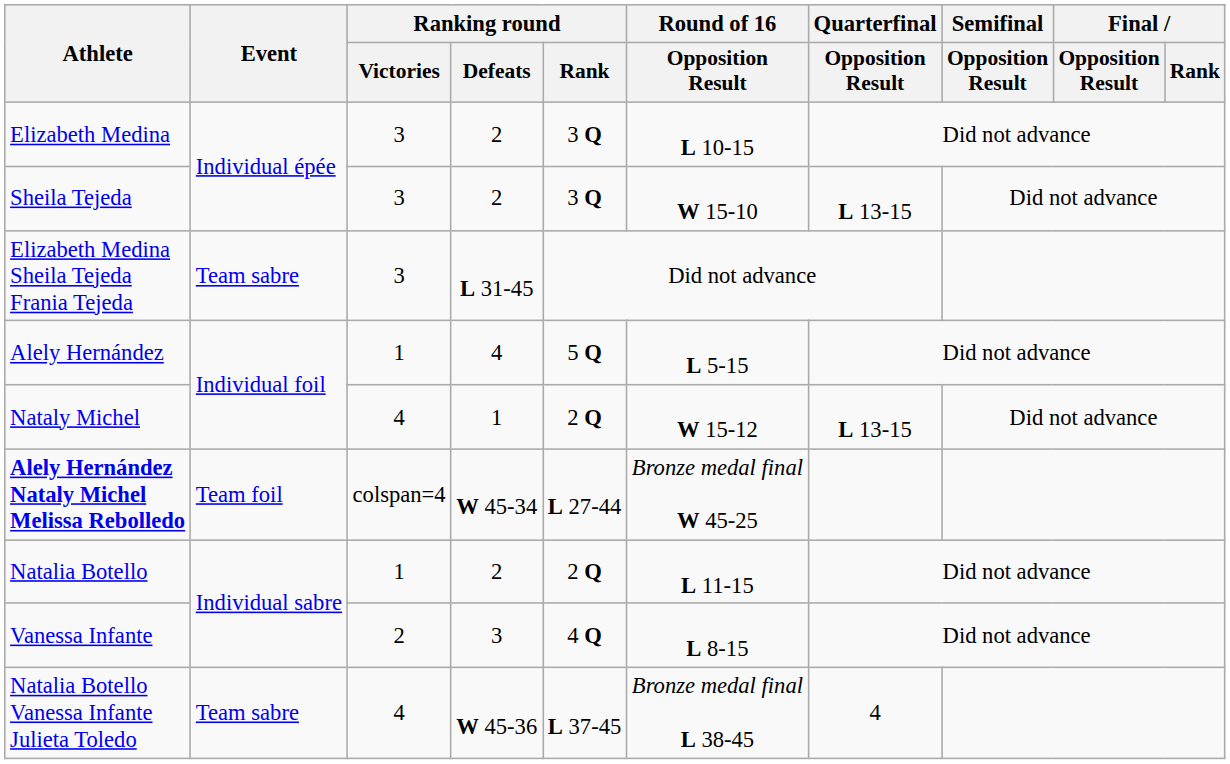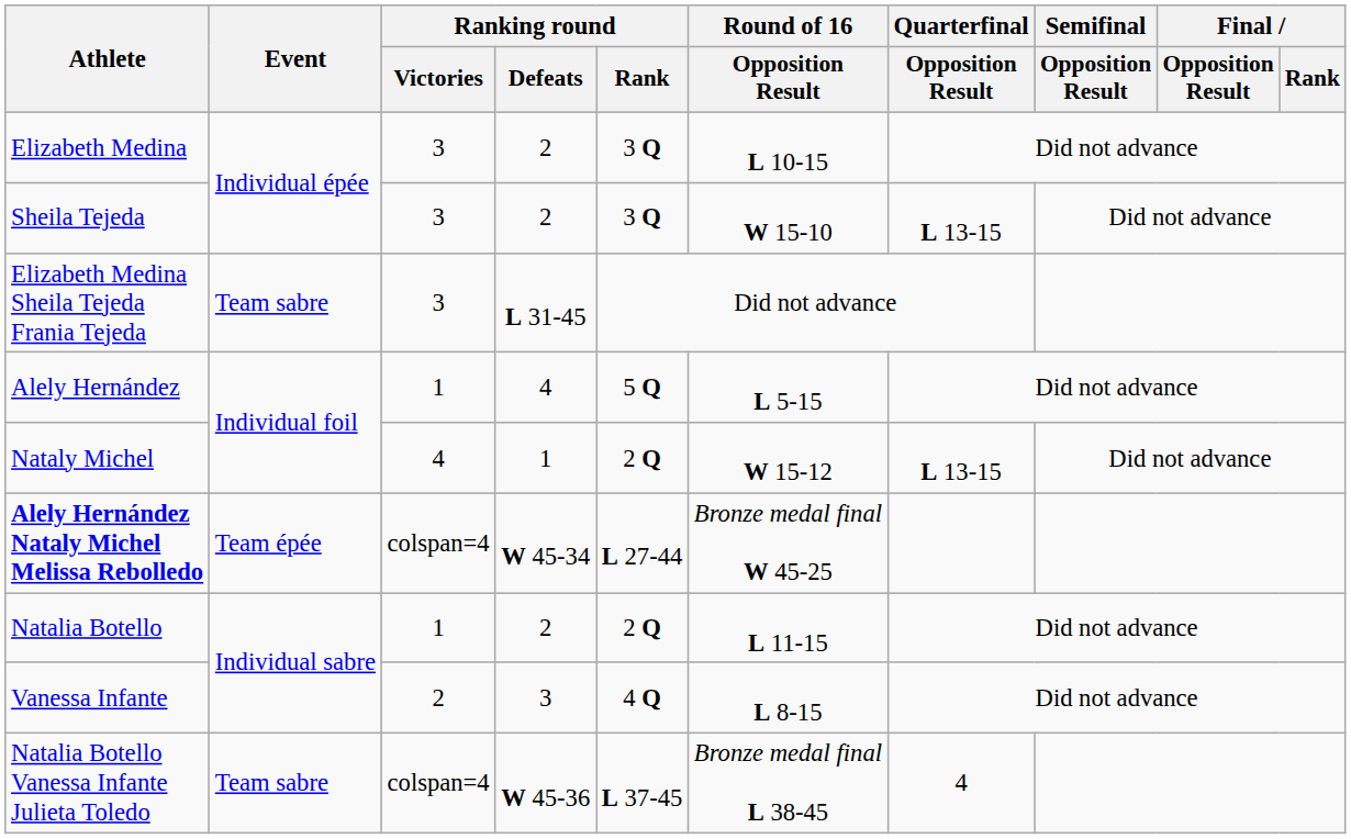 <table class=wikitable style=font-size:90%;text-align:center>
 <tr>
 <th rowspan=2>Athlete</th>
 <th rowspan=2>Event</th>
 <th colspan=3>Ranking round</th>
 <th>Round of 16</th>
 <th>Quarterfinal</th>
 <th>Semifinal</th>
 <th colspan=2>Final / </th>
 </tr>
 <tr style=font-size:95%>
 <th>Victories</th>
 <th>Defeats</th>
 <th>Rank</th>
 <th>Opposition<br>Result</th>
 <th>Opposition<br>Result</th>
 <th>Opposition<br>Result</th>
 <th>Opposition<br>Result</th>
 <th>Rank</th>
 </tr>
 <tr>
 <td align=left><a href='#'>Elizabeth Medina</a></td>
 <td align=left rowspan=2><a href='#'>Individual épée</a></td>
 <td>3</td>
 <td>2</td>
 <td>3 <strong>Q</strong></td>
 <td><br><strong>L</strong> 10-15</td>
 <td colspan=4>Did not advance</td>
 </tr>
 <tr>
 <td align=left><a href='#'>Sheila Tejeda</a></td>
 <td>3</td>
 <td>2</td>
 <td>3 <strong>Q</strong></td>
 <td><br><strong>W</strong> 15-10</td>
 <td><br><strong>L</strong> 13-15</td>
 <td colspan=3>Did not advance</td>
 </tr>
 <tr>
 <td align=left><a href='#'>Elizabeth Medina</a><br><a href='#'>Sheila Tejeda</a><br><a href='#'>Frania Tejeda</a></td>
 <td align=left><a href='#'>Team sabre</a></td>
 <td>3</td>
 <td><br><strong>L</strong> 31-45</td>
 <td colspan=3>Did not advance</td>
 </tr>
 <tr>
 <td align=left><a href='#'>Alely Hernández</a></td>
 <td align=left rowspan=2><a href='#'>Individual foil</a></td>
 <td>1</td>
 <td>4</td>
 <td>5 <strong>Q</strong></td>
 <td><br><strong>L</strong> 5-15</td>
 <td colspan=4>Did not advance</td>
 </tr>
 <tr>
 <td align=left><a href='#'>Nataly Michel</a></td>
 <td>4</td>
 <td>1</td>
 <td>2 <strong>Q</strong></td>
 <td><br><strong>W</strong> 15-12</td>
 <td><br><strong>L</strong> 13-15</td>
 <td colspan=3>Did not advance</td>
 </tr>
 <tr>
 <td align=left><strong><a href='#'>Alely Hernández</a><br><a href='#'>Nataly Michel</a><br><a href='#'>Melissa Rebolledo</a></strong></td>
-<td align=left><a href='#'>Team foil</a></td>
+<td align=left><a href='#'>Team épée</a></td>
 <td>colspan=4 </td>
 <td><br><strong>W</strong> 45-34</td>
 <td><br><strong>L</strong> 27-44</td>
 <td><em>Bronze medal final</em><br><br><strong>W</strong> 45-25</td>
 <td></td>
 </tr>
 <tr>
 <td align=left><a href='#'>Natalia Botello</a></td>
 <td align=left rowspan=2><a href='#'>Individual sabre</a></td>
 <td>1</td>
 <td>2</td>
 <td>2 <strong>Q</strong></td>
 <td><br><strong>L</strong> 11-15</td>
 <td colspan=4>Did not advance</td>
 </tr>
 <tr>
 <td align=left><a href='#'>Vanessa Infante</a></td>
 <td>2</td>
 <td>3</td>
 <td>4 <strong>Q</strong></td>
 <td><br><strong>L</strong> 8-15</td>
 <td colspan=4>Did not advance</td>
 </tr>
 <tr>
 <td align=left><a href='#'>Natalia Botello</a><br><a href='#'>Vanessa Infante</a><br><a href='#'>Julieta Toledo</a></td>
 <td align=left><a href='#'>Team sabre</a></td>
-<td>4</td>
+<td>colspan=4 </td>
 <td><br><strong>W</strong> 45-36</td>
 <td><br><strong>L</strong> 37-45</td>
 <td><em>Bronze medal final</em><br><br><strong>L</strong> 38-45</td>
 <td>4</td>
 </tr>
 </table>
